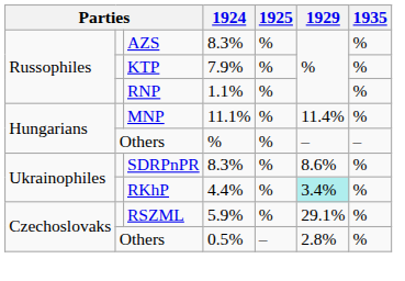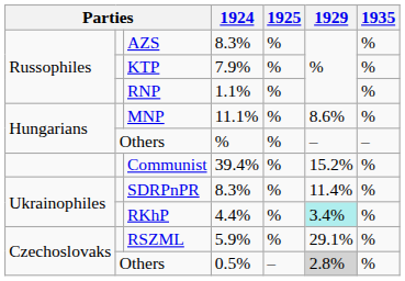 <table class="wikitable unsortable" style="font-size:90%;line-height:14px;">
 <tr>
 <th colspan=3>Parties</th>
 <th><a href='#'>1924</a></th>
 <th><a href='#'>1925</a></th>
 <th><a href='#'>1929</a></th>
 <th><a href='#'>1935</a></th>
 </tr>
 <tr>
 <td rowspan=3>Russophiles</td>
 <td style="background:"></td>
 <td><a href='#'>AZS</a></td>
 <td>8.3%</td>
 <td>%</td>
 <td rowspan=3>%</td>
 <td>%</td>
 </tr>
 <tr>
 <td style="background:"></td>
 <td><a href='#'>KTP</a></td>
 <td>7.9%</td>
 <td>%</td>
 <td>%</td>
 </tr>
 <tr>
 <td style="background:"></td>
 <td><a href='#'>RNP</a></td>
 <td>1.1%</td>
 <td>%</td>
 <td>%</td>
 </tr>
 <tr>
 <td rowspan=2>Hungarians</td>
 <td style="background:"></td>
 <td><a href='#'>MNP</a></td>
 <td>11.1%</td>
 <td>%</td>
-<td>11.4%</td>
+<td>8.6%</td>
 <td>%</td>
 </tr>
 <tr>
 <td colspan=2>Others</td>
 <td>%</td>
 <td>%</td>
 <td>–</td>
 <td>–</td>
 </tr>
 <tr>
+<td></td>
+<td style="background:"></td>
+<td><a href='#'>Communist</a></td>
+<td>39.4%</td>
+<td>%</td>
+<td>15.2%</td>
+<td>%</td>
+</tr>
+<tr>
 <td rowspan=2>Ukrainophiles</td>
 <td style="background:"></td>
 <td><a href='#'>SDRPnPR</a></td>
 <td>8.3%</td>
 <td>%</td>
-<td>8.6%</td>
+<td>11.4%</td>
 <td>%</td>
 </tr>
 <tr>
 <td style="background:"></td>
 <td><a href='#'>RKhP</a></td>
 <td>4.4%</td>
 <td>%</td>
 <td style="background: paleturquoise;">3.4%</td>
 <td>%</td>
 </tr>
 <tr>
 <td rowspan=2>Czechoslovaks</td>
 <td style="background:"></td>
 <td><a href='#'>RSZML</a></td>
 <td>5.9%</td>
 <td>%</td>
 <td>29.1%</td>
 <td>%</td>
 </tr>
 <tr>
 <td colspan=2>Others</td>
 <td>0.5%</td>
 <td>–</td>
-<td>2.8%</td>
+<td style="background: lightgrey;">2.8%</td>
 <td>%</td>
 </tr>
 </table>
